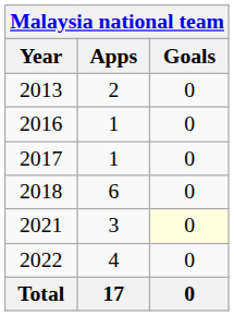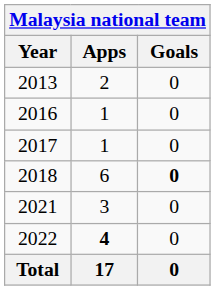 <table class="wikitable" style="text-align:center">
 <tr>
 <th colspan=6><a href='#'>Malaysia national team</a></th>
 </tr>
 <tr>
 <th>Year</th>
 <th>Apps</th>
 <th>Goals</th>
 </tr>
 <tr>
 <td>2013</td>
 <td>2</td>
 <td>0</td>
 </tr>
 <tr>
 <td>2016</td>
 <td>1</td>
 <td>0</td>
 </tr>
 <tr>
 <td>2017</td>
 <td>1</td>
 <td>0</td>
 </tr>
 <tr>
 <td>2018</td>
 <td>6</td>
-<td>0</td>
+<td><strong>0</strong></td>
 </tr>
 <tr>
 <td>2021</td>
 <td>3</td>
-<td style="background: lightyellow;">0</td>
+<td>0</td>
 </tr>
 <tr>
 <td>2022</td>
-<td>4</td>
+<td><strong>4</strong></td>
 <td>0</td>
 </tr>
 <tr>
 <th>Total</th>
 <th>17</th>
 <th>0</th>
 </tr>
 </table>
